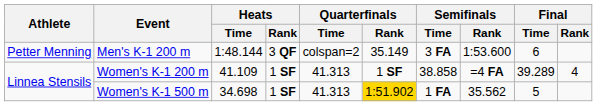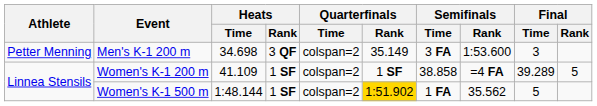 <table class=wikitable style="font-size:90%">
 <tr>
 <th rowspan="2">Athlete</th>
 <th rowspan="2">Event</th>
 <th colspan=2>Heats</th>
 <th colspan=2>Quarterfinals</th>
 <th colspan=2>Semifinals</th>
 <th colspan=2>Final</th>
 </tr>
 <tr style="font-size:95%">
 <th>Time</th>
 <th>Rank</th>
 <th>Time</th>
 <th>Rank</th>
 <th>Time</th>
 <th>Rank</th>
 <th>Time</th>
 <th>Rank</th>
 </tr>
 <tr align=center>
 <td align=left><a href='#'>Petter Menning</a></td>
 <td align=left><a href='#'>Men's K-1 200 m</a></td>
-<td>1:48.144</td>
+<td>34.698</td>
 <td>3 <strong>QF</strong></td>
 <td>colspan=2 </td>
 <td>35.149</td>
 <td>3 <strong>FA</strong></td>
 <td>1:53.600</td>
-<td>6</td>
+<td>3</td>
 </tr>
 <tr align=center>
 <td align=left rowspan=2><a href='#'>Linnea Stensils</a></td>
 <td align=left><a href='#'>Women's K-1 200 m</a></td>
 <td>41.109</td>
 <td>1 <strong>SF</strong></td>
-<td>41.313</td>
+<td>colspan=2 </td>
 <td>1 <strong>SF</strong></td>
 <td>38.858</td>
 <td>=4 <strong>FA</strong></td>
 <td>39.289</td>
-<td>4</td>
+<td>5</td>
 </tr>
 <tr align=center>
 <td align=left><a href='#'>Women's K-1 500 m</a></td>
-<td>34.698</td>
+<td>1:48.144</td>
 <td>1 <strong>SF</strong></td>
-<td>41.313</td>
+<td>colspan=2 </td>
 <td style="background: gold;">1:51.902</td>
 <td>1 <strong>FA</strong></td>
 <td>35.562</td>
 <td>5</td>
 </tr>
 </table>
